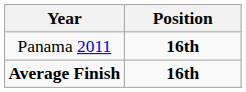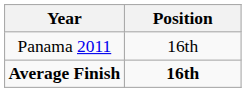 <table class="wikitable" style="text-align: center;">
 <tr>
 <th>Year</th>
 <th width="100">Position</th>
 </tr>
 <tr>
 <td>Panama <a href='#'>2011</a></td>
-<td><strong>16th</strong></td>
+<td>16th</td>
 </tr>
 <tr>
 <td><strong>Average Finish</strong></td>
 <td><strong>16th</strong></td>
 </tr>
 </table>
